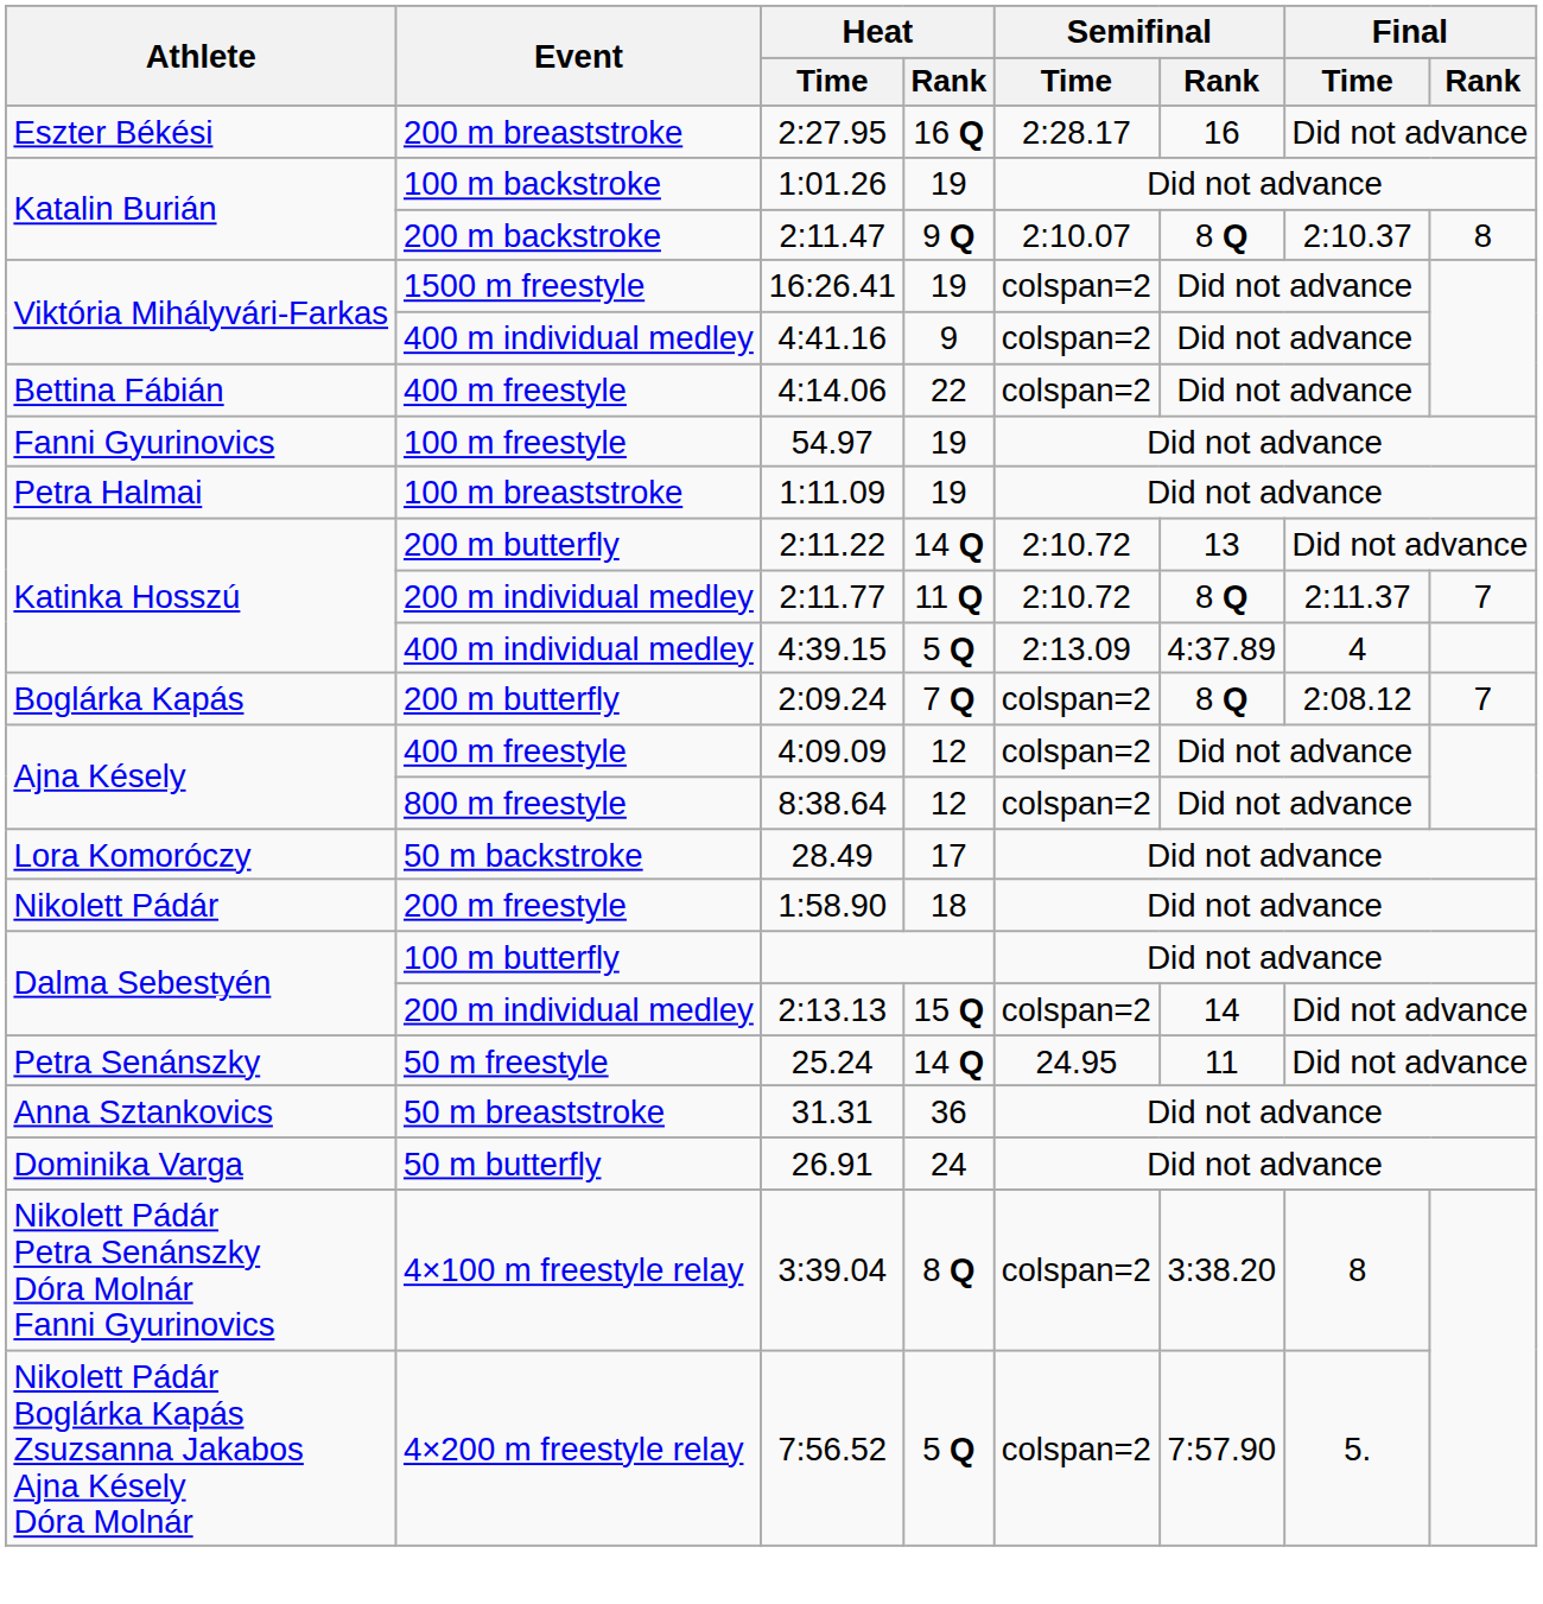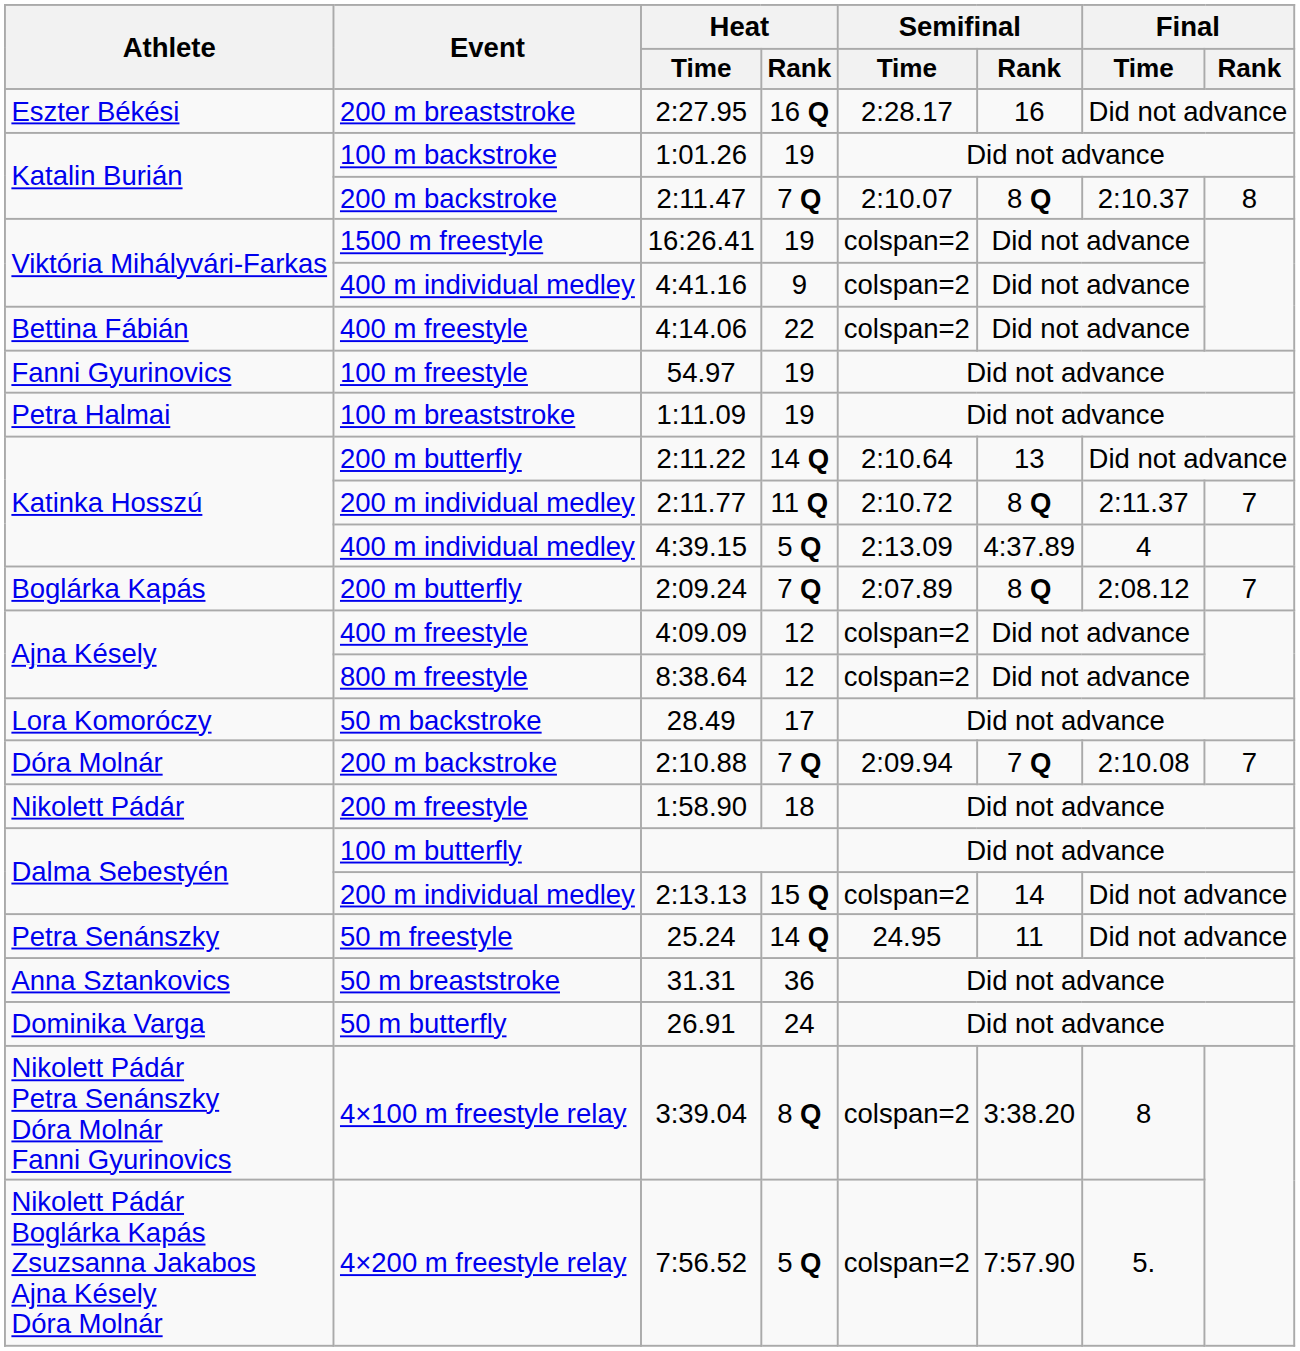 <table class="wikitable" style="text-align:center; font-size:90%">
 <tr>
 <th rowspan="2">Athlete</th>
 <th rowspan="2">Event</th>
 <th colspan="2">Heat</th>
 <th colspan="2">Semifinal</th>
 <th colspan="2">Final</th>
 </tr>
 <tr style="font-size:95%">
 <th>Time</th>
 <th>Rank</th>
 <th>Time</th>
 <th>Rank</th>
 <th>Time</th>
 <th>Rank</th>
 </tr>
 <tr>
 <td align=left><a href='#'>Eszter Békési</a></td>
 <td align=left><a href='#'>200 m breaststroke</a></td>
 <td>2:27.95</td>
 <td>16 <strong>Q</strong></td>
 <td>2:28.17</td>
 <td>16</td>
 <td colspan=2>Did not advance</td>
 </tr>
 <tr>
 <td align=left rowspan=2><a href='#'>Katalin Burián</a></td>
 <td align=left><a href='#'>100 m backstroke</a></td>
 <td>1:01.26</td>
 <td>19</td>
 <td colspan=4>Did not advance</td>
 </tr>
 <tr>
 <td align=left><a href='#'>200 m backstroke</a></td>
 <td>2:11.47</td>
-<td>9 <strong>Q</strong></td>
+<td>7 <strong>Q</strong></td>
 <td>2:10.07</td>
 <td>8 <strong>Q</strong></td>
 <td>2:10.37</td>
 <td>8</td>
 </tr>
 <tr>
 <td align=left rowspan=2><a href='#'>Viktória Mihályvári-Farkas</a></td>
 <td align=left><a href='#'>1500 m freestyle</a></td>
 <td>16:26.41</td>
 <td>19</td>
 <td>colspan=2 </td>
 <td colspan=2>Did not advance</td>
 </tr>
 <tr>
 <td align=left><a href='#'>400 m individual medley</a></td>
 <td>4:41.16</td>
 <td>9</td>
 <td>colspan=2 </td>
 <td colspan=2>Did not advance</td>
 </tr>
 <tr>
 <td align=left><a href='#'>Bettina Fábián</a></td>
 <td align=left><a href='#'>400 m freestyle</a></td>
 <td>4:14.06</td>
 <td>22</td>
 <td>colspan=2 </td>
 <td colspan=2>Did not advance</td>
 </tr>
 <tr>
 <td align=left><a href='#'>Fanni Gyurinovics</a></td>
 <td align=left><a href='#'>100 m freestyle</a></td>
 <td>54.97</td>
 <td>19</td>
 <td colspan=4>Did not advance</td>
 </tr>
 <tr>
 <td align=left><a href='#'>Petra Halmai</a></td>
 <td align=left><a href='#'>100 m breaststroke</a></td>
 <td>1:11.09</td>
 <td>19</td>
 <td colspan=4>Did not advance</td>
 </tr>
 <tr>
 <td align=left rowspan=3><a href='#'>Katinka Hosszú</a></td>
 <td align=left><a href='#'>200 m butterfly</a></td>
 <td>2:11.22</td>
 <td>14 <strong>Q</strong></td>
-<td>2:10.72</td>
+<td>2:10.64</td>
 <td>13</td>
 <td colspan=2>Did not advance</td>
 </tr>
 <tr>
 <td align=left><a href='#'>200 m individual medley</a></td>
 <td>2:11.77</td>
 <td>11 <strong>Q</strong></td>
 <td>2:10.72</td>
 <td>8 <strong>Q</strong></td>
 <td>2:11.37</td>
 <td>7</td>
 </tr>
 <tr>
 <td align=left><a href='#'>400 m individual medley</a></td>
 <td>4:39.15</td>
 <td>5 <strong>Q</strong></td>
 <td>2:13.09</td>
 <td>4:37.89</td>
 <td>4</td>
 </tr>
 <tr>
 <td align=left><a href='#'>Boglárka Kapás</a></td>
 <td align=left><a href='#'>200 m butterfly</a></td>
 <td>2:09.24</td>
 <td>7 <strong>Q</strong></td>
-<td>colspan=2 </td>
+<td>2:07.89</td>
 <td>8 <strong>Q</strong></td>
 <td>2:08.12</td>
 <td>7</td>
 </tr>
 <tr>
 <td align=left rowspan=2><a href='#'>Ajna Késely</a></td>
 <td align=left><a href='#'>400 m freestyle</a></td>
 <td>4:09.09</td>
 <td>12</td>
 <td>colspan=2 </td>
 <td colspan=2>Did not advance</td>
 </tr>
 <tr>
 <td align=left><a href='#'>800 m freestyle</a></td>
 <td>8:38.64</td>
 <td>12</td>
 <td>colspan=2 </td>
 <td colspan=2>Did not advance</td>
 </tr>
 <tr>
 <td align=left><a href='#'>Lora Komoróczy</a></td>
 <td align=left><a href='#'>50 m backstroke</a></td>
 <td>28.49</td>
 <td>17</td>
 <td colspan=4>Did not advance</td>
+</tr>
+<tr>
+<td align=left><a href='#'>Dóra Molnár</a></td>
+<td align=left><a href='#'>200 m backstroke</a></td>
+<td>2:10.88</td>
+<td>7 <strong>Q</strong></td>
+<td>2:09.94</td>
+<td>7 <strong>Q</strong></td>
+<td>2:10.08</td>
+<td>7</td>
 </tr>
 <tr>
 <td align=left><a href='#'>Nikolett Pádár</a></td>
 <td align=left><a href='#'>200 m freestyle</a></td>
 <td>1:58.90</td>
 <td>18</td>
 <td colspan=4>Did not advance</td>
 </tr>
 <tr>
 <td align=left rowspan=2><a href='#'>Dalma Sebestyén</a></td>
 <td align=left><a href='#'>100 m butterfly</a></td>
 <td colspan=2></td>
 <td colspan=4>Did not advance</td>
 </tr>
 <tr>
 <td align=left><a href='#'>200 m individual medley</a></td>
 <td>2:13.13</td>
 <td>15 <strong>Q</strong></td>
 <td>colspan=2 </td>
 <td>14</td>
 <td colspan=2>Did not advance</td>
 </tr>
 <tr>
 <td align=left><a href='#'>Petra Senánszky</a></td>
 <td align=left><a href='#'>50 m freestyle</a></td>
 <td>25.24</td>
 <td>14 <strong>Q</strong></td>
 <td>24.95</td>
 <td>11</td>
 <td colspan=2>Did not advance</td>
 </tr>
 <tr>
 <td align=left><a href='#'>Anna Sztankovics</a></td>
 <td align=left><a href='#'>50 m breaststroke</a></td>
 <td>31.31</td>
 <td>36</td>
 <td colspan=4>Did not advance</td>
 </tr>
 <tr>
 <td align=left><a href='#'>Dominika Varga</a></td>
 <td align=left><a href='#'>50 m butterfly</a></td>
 <td>26.91</td>
 <td>24</td>
 <td colspan=4>Did not advance</td>
 </tr>
 <tr>
 <td align=left><a href='#'>Nikolett Pádár</a><br><a href='#'>Petra Senánszky</a><br><a href='#'>Dóra Molnár</a><br><a href='#'>Fanni Gyurinovics</a></td>
 <td align=left><a href='#'>4×100 m freestyle relay</a></td>
 <td>3:39.04</td>
 <td>8 <strong>Q</strong></td>
 <td>colspan=2 </td>
 <td>3:38.20</td>
 <td>8</td>
 </tr>
 <tr>
 <td align=left><a href='#'>Nikolett Pádár</a><br><a href='#'>Boglárka Kapás</a><br><a href='#'>Zsuzsanna Jakabos</a><br><a href='#'>Ajna Késely</a><br><a href='#'>Dóra Molnár</a></td>
 <td align=left><a href='#'>4×200 m freestyle relay</a></td>
 <td>7:56.52</td>
 <td>5 <strong>Q</strong></td>
 <td>colspan=2 </td>
 <td>7:57.90</td>
 <td>5.</td>
 </tr>
 </table>
